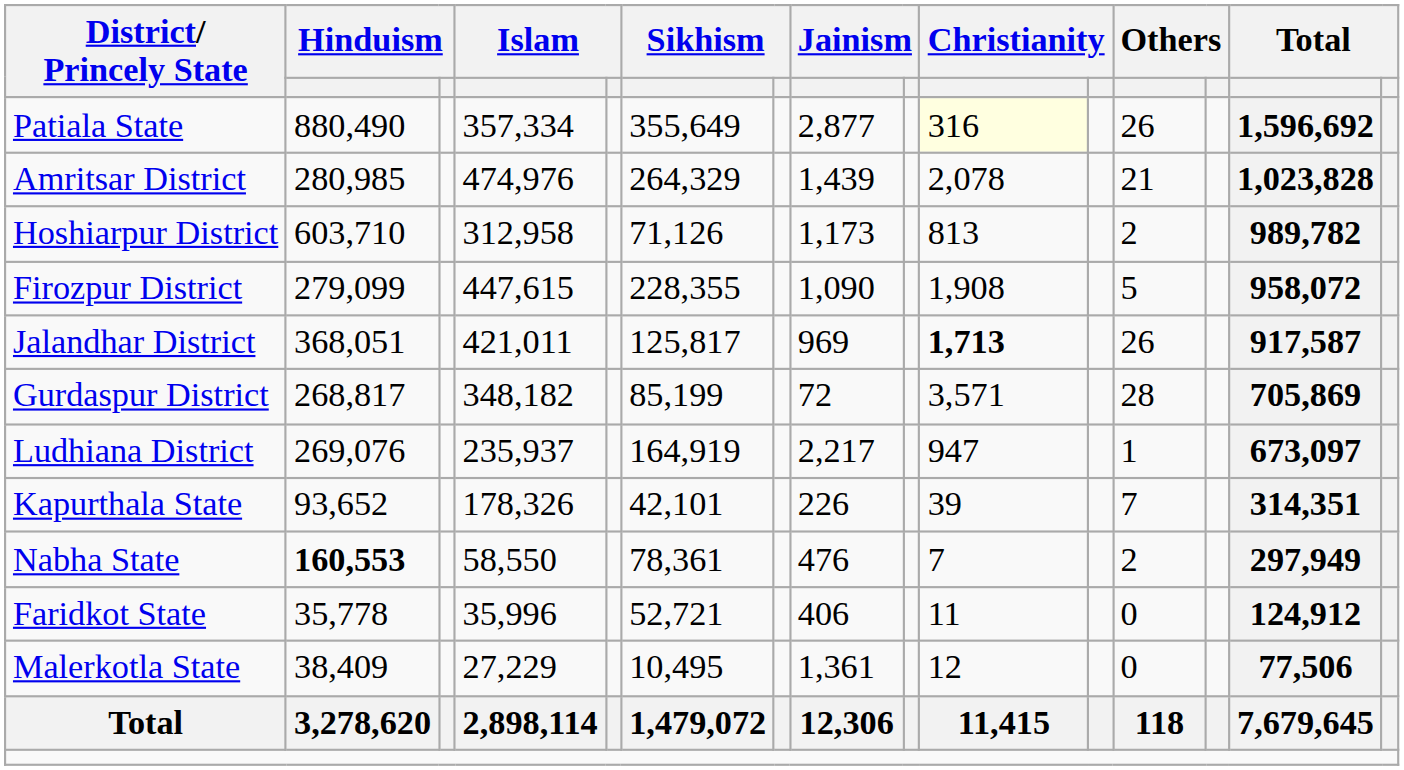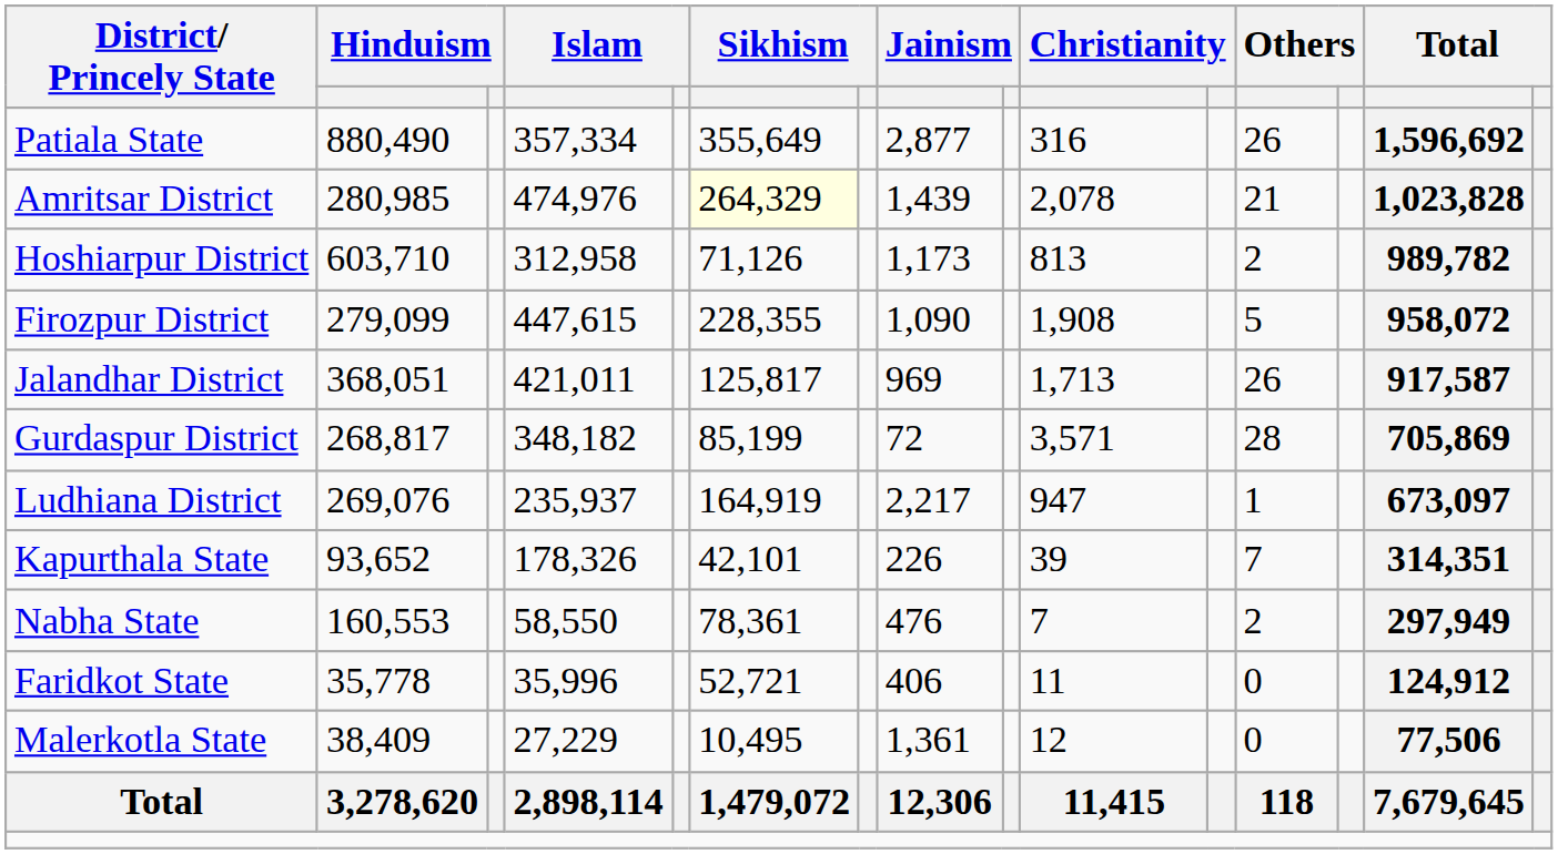 <table class="wikitable sortable mw-collapsible">
 <tr>
 <th rowspan="2"><a href='#'>District</a>/<br><a href='#'>Princely State</a></th>
 <th colspan="2"><a href='#'>Hinduism</a> </th>
 <th colspan="2"><a href='#'>Islam</a> </th>
 <th colspan="2"><a href='#'>Sikhism</a> </th>
 <th colspan="2"><a href='#'>Jainism</a> </th>
 <th colspan="2"><a href='#'>Christianity</a> </th>
 <th colspan="2">Others</th>
 <th colspan="2">Total</th>
 </tr>
 <tr>
 <th><a href='#'></a></th>
 <th></th>
 <th></th>
 <th></th>
 <th></th>
 <th></th>
 <th></th>
 <th></th>
 <th></th>
 <th></th>
 <th></th>
 <th></th>
 <th></th>
 <th></th>
 </tr>
 <tr>
 <td><a href='#'>Patiala State</a></td>
 <td>880,490</td>
 <td></td>
 <td>357,334</td>
 <td></td>
 <td>355,649</td>
 <td></td>
 <td>2,877</td>
 <td></td>
-<td style="background: lightyellow;">316</td>
+<td>316</td>
 <td></td>
 <td>26</td>
 <td></td>
 <th>1,596,692</th>
 <th></th>
 </tr>
 <tr>
 <td><a href='#'>Amritsar District</a></td>
 <td>280,985</td>
 <td></td>
 <td>474,976</td>
 <td></td>
-<td>264,329</td>
+<td style="background: lightyellow;">264,329</td>
 <td></td>
 <td>1,439</td>
 <td></td>
 <td>2,078</td>
 <td></td>
 <td>21</td>
 <td></td>
 <th>1,023,828</th>
 <th></th>
 </tr>
 <tr>
 <td><a href='#'>Hoshiarpur District</a></td>
 <td>603,710</td>
 <td></td>
 <td>312,958</td>
 <td></td>
 <td>71,126</td>
 <td></td>
 <td>1,173</td>
 <td></td>
 <td>813</td>
 <td></td>
 <td>2</td>
 <td></td>
 <th>989,782</th>
 <th></th>
 </tr>
 <tr>
 <td><a href='#'>Firozpur District</a></td>
 <td>279,099</td>
 <td></td>
 <td>447,615</td>
 <td></td>
 <td>228,355</td>
 <td></td>
 <td>1,090</td>
 <td></td>
 <td>1,908</td>
 <td></td>
 <td>5</td>
 <td></td>
 <th>958,072</th>
 <th></th>
 </tr>
 <tr>
 <td><a href='#'>Jalandhar District</a></td>
 <td>368,051</td>
 <td></td>
 <td>421,011</td>
 <td></td>
 <td>125,817</td>
 <td></td>
 <td>969</td>
 <td></td>
-<td><strong>1,713</strong></td>
+<td>1,713</td>
 <td></td>
 <td>26</td>
 <td></td>
 <th>917,587</th>
 <th></th>
 </tr>
 <tr>
 <td><a href='#'>Gurdaspur District</a></td>
 <td>268,817</td>
 <td></td>
 <td>348,182</td>
 <td></td>
 <td>85,199</td>
 <td></td>
 <td>72</td>
 <td></td>
 <td>3,571</td>
 <td></td>
 <td>28</td>
 <td></td>
 <th>705,869</th>
 <th></th>
 </tr>
 <tr>
 <td><a href='#'>Ludhiana District</a></td>
 <td>269,076</td>
 <td></td>
 <td>235,937</td>
 <td></td>
 <td>164,919</td>
 <td></td>
 <td>2,217</td>
 <td></td>
 <td>947</td>
 <td></td>
 <td>1</td>
 <td></td>
 <th>673,097</th>
 <th></th>
 </tr>
 <tr>
 <td><a href='#'>Kapurthala State</a></td>
 <td>93,652</td>
 <td></td>
 <td>178,326</td>
 <td></td>
 <td>42,101</td>
 <td></td>
 <td>226</td>
 <td></td>
 <td>39</td>
 <td></td>
 <td>7</td>
 <td></td>
 <th>314,351</th>
 <th></th>
 </tr>
 <tr>
 <td><a href='#'>Nabha State</a></td>
-<td><strong>160,553</strong></td>
+<td>160,553</td>
 <td></td>
 <td>58,550</td>
 <td></td>
 <td>78,361</td>
 <td></td>
 <td>476</td>
 <td></td>
 <td>7</td>
 <td></td>
 <td>2</td>
 <td></td>
 <th>297,949</th>
 <th></th>
 </tr>
 <tr>
 <td><a href='#'>Faridkot State</a></td>
 <td>35,778</td>
 <td></td>
 <td>35,996</td>
 <td></td>
 <td>52,721</td>
 <td></td>
 <td>406</td>
 <td></td>
 <td>11</td>
 <td></td>
 <td>0</td>
 <td></td>
 <th>124,912</th>
 <th></th>
 </tr>
 <tr>
 <td><a href='#'>Malerkotla State</a></td>
 <td>38,409</td>
 <td></td>
 <td>27,229</td>
 <td></td>
 <td>10,495</td>
 <td></td>
 <td>1,361</td>
 <td></td>
 <td>12</td>
 <td></td>
 <td>0</td>
 <td></td>
 <th>77,506</th>
 <th></th>
 </tr>
 <tr>
 <th>Total</th>
 <th>3,278,620</th>
 <th></th>
 <th>2,898,114</th>
 <th></th>
 <th>1,479,072</th>
 <th></th>
 <th>12,306</th>
 <th></th>
 <th>11,415</th>
 <th></th>
 <th>118</th>
 <th></th>
 <th>7,679,645</th>
 <th></th>
 </tr>
 <tr class="sortbottom">
 <td colspan="15"></td>
 </tr>
 </table>
